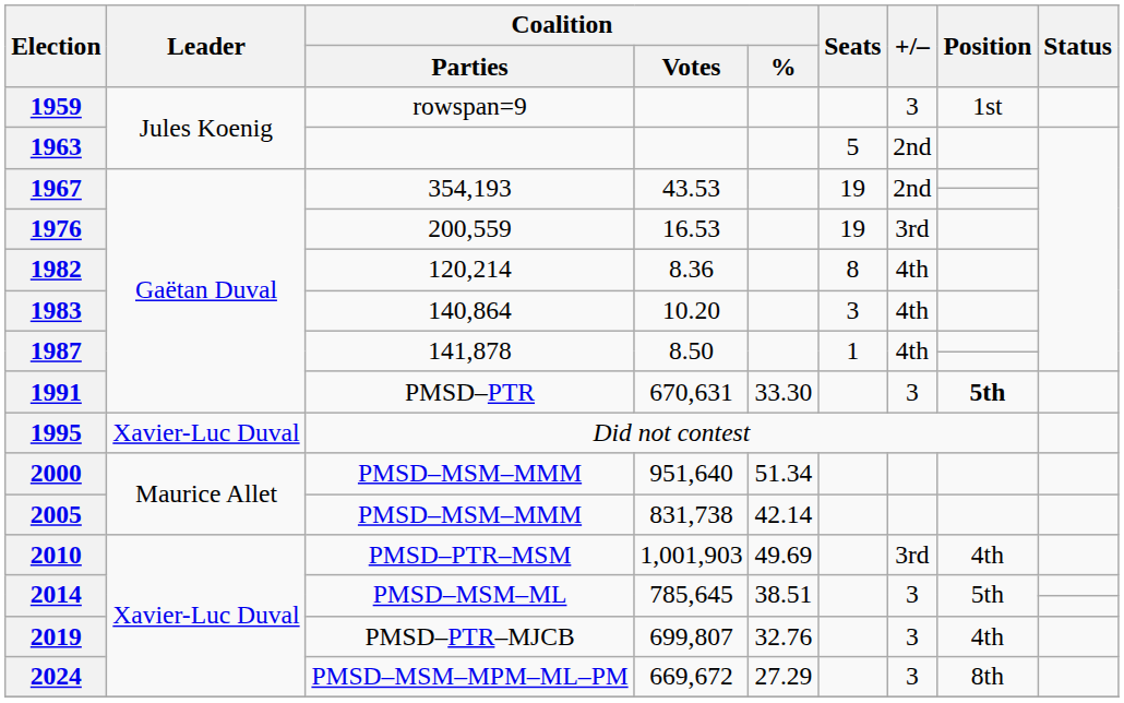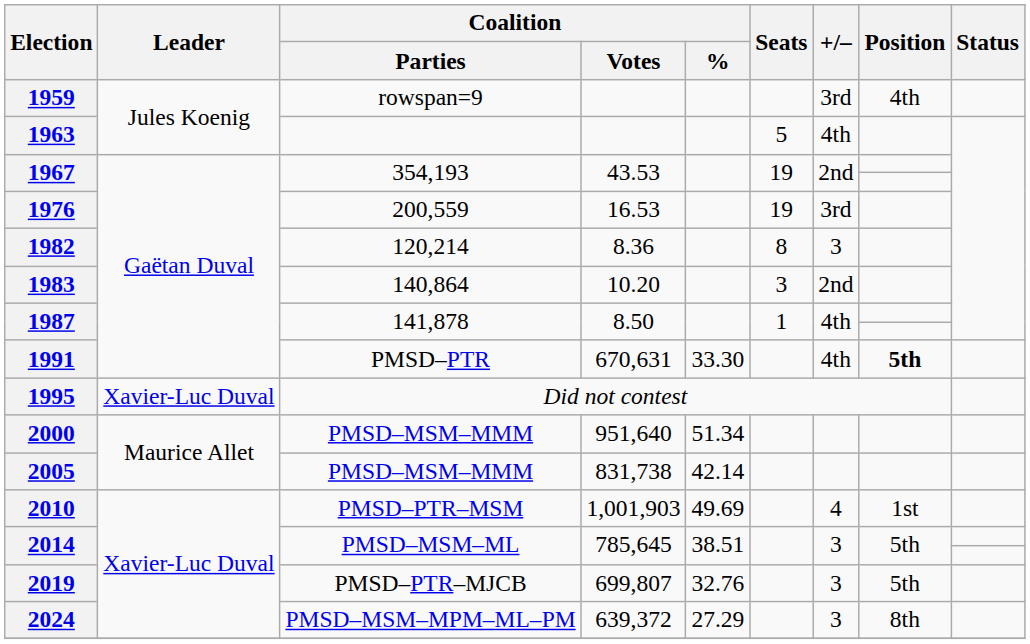 <table class=wikitable style="text-align: center;">
 <tr>
 <th rowspan=2>Election</th>
 <th rowspan=2>Leader</th>
 <th colspan=3>Coalition</th>
 <th rowspan=2>Seats</th>
 <th rowspan=2>+/–</th>
 <th rowspan=2>Position</th>
 <th rowspan=2>Status</th>
 </tr>
 <tr>
 <th>Parties</th>
 <th>Votes</th>
 <th>%</th>
 </tr>
 <tr>
 <th><a href='#'>1959</a></th>
 <td rowspan=2>Jules Koenig</td>
 <td>rowspan=9 </td>
 <td></td>
 <td></td>
 <td></td>
-<td> 3</td>
-<td> 1st</td>
+<td> 3rd</td>
+<td> 4th</td>
 <td></td>
 </tr>
 <tr>
 <th><a href='#'>1963</a></th>
 <td></td>
 <td></td>
 <td></td>
 <td> 5</td>
-<td> 2nd</td>
+<td> 4th</td>
 <td></td>
 </tr>
 <tr>
 <th rowspan=2><a href='#'>1967</a></th>
 <td rowspan=8><a href='#'>Gaëtan Duval</a></td>
 <td rowspan=2>354,193</td>
 <td rowspan=2>43.53</td>
 <td rowspan=2></td>
 <td rowspan=2> 19</td>
 <td rowspan=2> 2nd</td>
 <td></td>
 </tr>
 <tr>
 <td></td>
 </tr>
 <tr>
 <th><a href='#'>1976</a></th>
 <td>200,559</td>
 <td>16.53</td>
 <td></td>
 <td> 19</td>
 <td> 3rd</td>
 <td></td>
 </tr>
 <tr>
 <th><a href='#'>1982</a></th>
 <td>120,214</td>
 <td>8.36</td>
 <td></td>
 <td> 8</td>
-<td> 4th</td>
+<td> 3</td>
 <td></td>
 </tr>
 <tr>
 <th><a href='#'>1983</a></th>
 <td>140,864</td>
 <td>10.20</td>
 <td></td>
 <td> 3</td>
-<td> 4th</td>
+<td> 2nd</td>
 <td></td>
 </tr>
 <tr>
 <th rowspan=2><a href='#'>1987</a></th>
 <td rowspan=2>141,878</td>
 <td rowspan=2>8.50</td>
 <td rowspan=2></td>
 <td rowspan=2> 1</td>
 <td rowspan=2> 4th</td>
 <td></td>
 </tr>
 <tr>
 <td></td>
 </tr>
 <tr>
 <th><a href='#'>1991</a></th>
 <td>PMSD–<a href='#'>PTR</a></td>
 <td>670,631</td>
 <td>33.30</td>
 <td></td>
-<td> 3</td>
+<td> 4th</td>
 <td><strong> 5th</strong></td>
 <td></td>
 </tr>
 <tr>
 <th><a href='#'>1995</a></th>
 <td><a href='#'>Xavier-Luc Duval</a></td>
 <td colspan=6><em>Did not contest</em></td>
 <td></td>
 </tr>
 <tr>
 <th><a href='#'>2000</a></th>
 <td rowspan=2>Maurice Allet</td>
 <td><a href='#'>PMSD–MSM–MMM</a></td>
 <td>951,640</td>
 <td>51.34</td>
 <td></td>
 <td></td>
 <td></td>
 <td></td>
 </tr>
 <tr>
 <th><a href='#'>2005</a></th>
 <td><a href='#'>PMSD–MSM–MMM</a></td>
 <td>831,738</td>
 <td>42.14</td>
 <td></td>
 <td></td>
 <td></td>
 <td></td>
 </tr>
 <tr>
 <th><a href='#'>2010</a></th>
 <td rowspan=5><a href='#'>Xavier-Luc Duval</a></td>
 <td><a href='#'>PMSD–PTR–MSM</a></td>
 <td>1,001,903</td>
 <td>49.69</td>
 <td></td>
-<td> 3rd</td>
-<td> 4th</td>
+<td> 4</td>
+<td> 1st</td>
 <td></td>
 </tr>
 <tr>
 <th rowspan=2><a href='#'>2014</a></th>
 <td rowspan=2><a href='#'>PMSD–MSM–ML</a></td>
 <td rowspan=2>785,645</td>
 <td rowspan=2>38.51</td>
 <td rowspan=2></td>
 <td rowspan=2> 3</td>
 <td rowspan=2> 5th</td>
 <td></td>
 </tr>
 <tr>
 <td></td>
 </tr>
 <tr>
 <th><a href='#'>2019</a></th>
 <td>PMSD–<a href='#'>PTR</a>–MJCB</td>
 <td>699,807</td>
 <td>32.76</td>
 <td></td>
 <td> 3</td>
-<td> 4th</td>
+<td> 5th</td>
 <td></td>
 </tr>
 <tr>
 <th><a href='#'>2024</a></th>
 <td><a href='#'>PMSD–MSM–MPM–ML–PM</a></td>
-<td>669,672</td>
+<td>639,372</td>
 <td>27.29</td>
 <td></td>
 <td> 3</td>
 <td> 8th</td>
 <td></td>
 </tr>
 <tr>
 </tr>
 </table>
